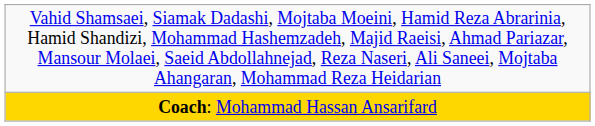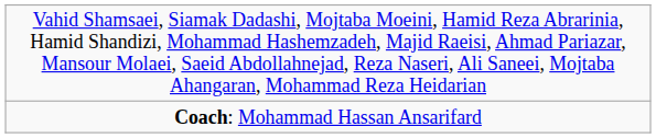 <table class="wikitable" style="text-align:center; width:33em; margin:0.5em auto;">
 <tr>
 <td><a href='#'>Vahid Shamsaei</a>, <a href='#'>Siamak Dadashi</a>, <a href='#'>Mojtaba Moeini</a>, <a href='#'>Hamid Reza Abrarinia</a>, Hamid Shandizi, <a href='#'>Mohammad Hashemzadeh</a>, <a href='#'>Majid Raeisi</a>, <a href='#'>Ahmad Pariazar</a>, <a href='#'>Mansour Molaei</a>, <a href='#'>Saeid Abdollahnejad</a>, <a href='#'>Reza Naseri</a>, <a href='#'>Ali Saneei</a>, <a href='#'>Mojtaba Ahangaran</a>, <a href='#'>Mohammad Reza Heidarian</a></td>
 </tr>
 <tr>
-<td style="background: gold;"><strong>Coach</strong>:  <a href='#'>Mohammad Hassan Ansarifard</a></td>
+<td><strong>Coach</strong>:  <a href='#'>Mohammad Hassan Ansarifard</a></td>
 </tr>
 </table>
